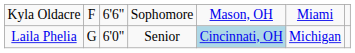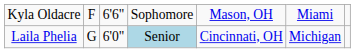 <table class="wikitable sortable" border="1">
 <tr align="center">
 <td>Kyla Oldacre</td>
 <td>F</td>
 <td>6'6"</td>
 <td>Sophomore</td>
 <td><a href='#'>Mason, OH</a></td>
 <td><a href='#'>Miami</a></td>
 <td></td>
 </tr>
 <tr align="center">
 <td><a href='#'>Laila Phelia</a></td>
 <td>G</td>
 <td>6'0"</td>
-<td>Senior</td>
-<td style="background: lightblue;"><a href='#'>Cincinnati, OH</a></td>
+<td style="background: lightblue;">Senior</td>
+<td><a href='#'>Cincinnati, OH</a></td>
 <td><a href='#'>Michigan</a></td>
 <td></td>
 </tr>
 </table>
